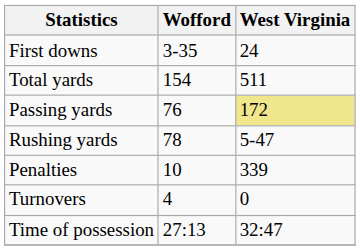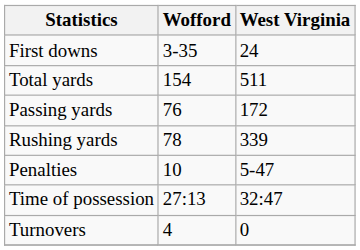 <table class="wikitable" style="float: left;">
 <tr>
 <th>Statistics</th>
 <th>Wofford</th>
 <th>West Virginia</th>
 </tr>
 <tr>
 <td>First downs</td>
 <td>3-35</td>
 <td>24</td>
 </tr>
 <tr>
 <td>Total yards</td>
 <td>154</td>
 <td>511</td>
 </tr>
 <tr>
 <td>Passing yards</td>
 <td>76</td>
-<td style="background: khaki;">172</td>
+<td>172</td>
 </tr>
 <tr>
 <td>Rushing yards</td>
 <td>78</td>
-<td>5-47</td>
+<td>339</td>
 </tr>
 <tr>
 <td>Penalties</td>
 <td>10</td>
-<td>339</td>
+<td>5-47</td>
+</tr>
+<tr>
+<td>Time of possession</td>
+<td>27:13</td>
+<td>32:47</td>
 </tr>
 <tr>
 <td>Turnovers</td>
 <td>4</td>
 <td>0</td>
 </tr>
 <tr>
-<td>Time of possession</td>
-<td>27:13</td>
-<td>32:47</td>
-</tr>
-<tr>
 </tr>
 </table>
